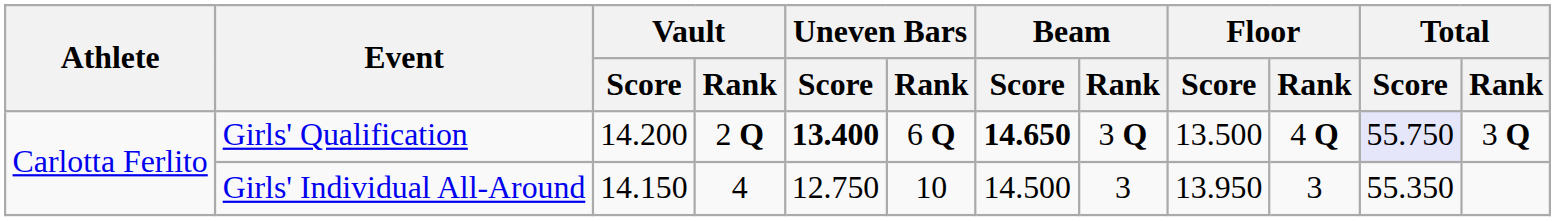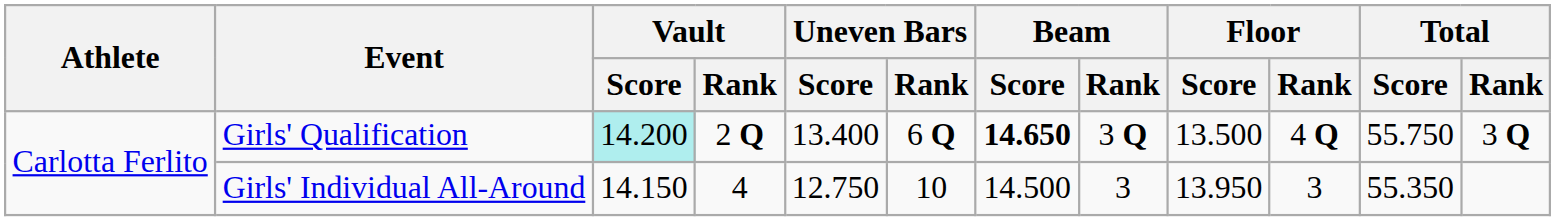 <table class="wikitable" border="1" style="font-size:90%">
 <tr>
 <th rowspan=2>Athlete</th>
 <th rowspan=2>Event</th>
 <th colspan=2>Vault</th>
 <th colspan=2>Uneven Bars</th>
 <th colspan=2>Beam</th>
 <th colspan=2>Floor</th>
 <th colspan=2>Total</th>
 </tr>
 <tr>
 <th>Score</th>
 <th>Rank</th>
 <th>Score</th>
 <th>Rank</th>
 <th>Score</th>
 <th>Rank</th>
 <th>Score</th>
 <th>Rank</th>
 <th>Score</th>
 <th>Rank</th>
 </tr>
 <tr>
 <td rowspan=2><a href='#'>Carlotta Ferlito</a></td>
 <td><a href='#'>Girls' Qualification</a></td>
-<td align=center>14.200</td>
+<td align=center style="background: paleturquoise;">14.200</td>
 <td align=center>2 <strong>Q</strong></td>
-<td align=center><strong>13.400</strong></td>
+<td align=center>13.400</td>
 <td align=center>6 <strong>Q</strong></td>
 <td align=center><strong>14.650</strong></td>
 <td align=center>3 <strong>Q</strong></td>
 <td align=center>13.500</td>
 <td align=center>4 <strong>Q</strong></td>
-<td align=center style="background: lavender;">55.750</td>
+<td align=center>55.750</td>
 <td align=center>3 <strong>Q</strong></td>
 </tr>
 <tr>
 <td><a href='#'>Girls' Individual All-Around</a></td>
 <td align=center>14.150</td>
 <td align=center>4</td>
 <td align=center>12.750</td>
 <td align=center>10</td>
 <td align=center>14.500</td>
 <td align=center>3</td>
 <td align=center>13.950</td>
 <td align=center>3</td>
 <td align=center>55.350</td>
 <td align=center></td>
 </tr>
 </table>
